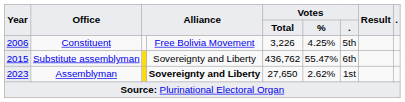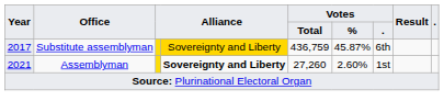 <table class="wikitable" style="font-size: 90%; text-align:center;">
 <tr>
 <th style="background-color:#EAECF0;" rowspan=2>Year</th>
 <th style="background-color:#EAECF0;" rowspan=2>Office</th>
 <th style="background-color:#EAECF0;" colspan=2 rowspan=2>Alliance</th>
 <th style="background-color:#EAECF0;" colspan=3>Votes</th>
 <th style="background-color:#EAECF0;" rowspan=2>Result</th>
 <th style="background-color:#EAECF0;" rowspan=2>.</th>
 </tr>
 <tr>
 <th style="background-color:#EAECF0;">Total</th>
 <th style="background-color:#EAECF0;">%</th>
 <th style="background-color:#EAECF0;">.</th>
 </tr>
 <tr>
-<td style="background-color:#EAECF0;"><a href='#'>2006</a></td>
-<td><a href='#'>Constituent</a></td>
-<td style="background-color:"></td>
-<td><a href='#'>Free Bolivia Movement</a></td>
-<td>3,226</td>
-<td>4.25%</td>
-<td>5th</td>
-<td></td>
-<td></td>
-</tr>
-<tr>
-<td style="background-color:#EAECF0;"><a href='#'>2015</a></td>
+<td style="background-color:#EAECF0;"><a href='#'>2017</a></td>
 <td><a href='#'>Substitute assemblyman</a></td>
 <td style="background-color:#FCDD09;"></td>
-<td>Sovereignty and Liberty</td>
-<td>436,762</td>
-<td>55.47%</td>
+<td style="background: gold;">Sovereignty and Liberty</td>
+<td>436,759</td>
+<td>45.87%</td>
 <td>6th</td>
 <td></td>
 <td></td>
 </tr>
 <tr>
-<td style="background-color:#EAECF0;"><a href='#'>2023</a></td>
+<td style="background-color:#EAECF0;"><a href='#'>2021</a></td>
 <td><a href='#'>Assemblyman</a></td>
 <td style="background-color:#FCDD09;"></td>
 <td><strong>Sovereignty and Liberty</strong></td>
-<td>27,650</td>
-<td>2.62%</td>
+<td>27,260</td>
+<td>2.60%</td>
 <td>1st</td>
 <td></td>
 <td></td>
 </tr>
 <tr>
 <td style="background-color:#EAECF0;" colspan=9><strong>Source:</strong> <a href='#'>Plurinational Electoral Organ</a>  </td>
 </tr>
 </table>
